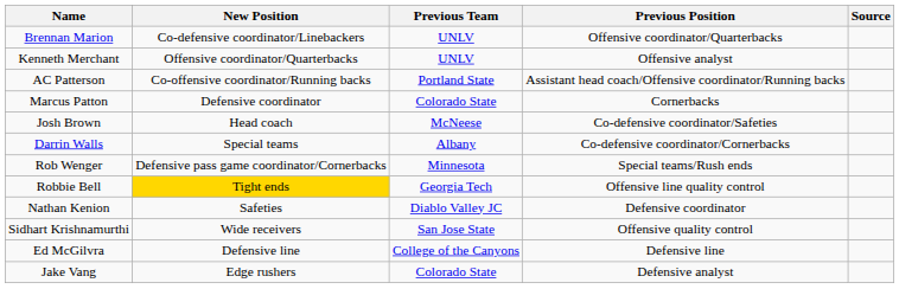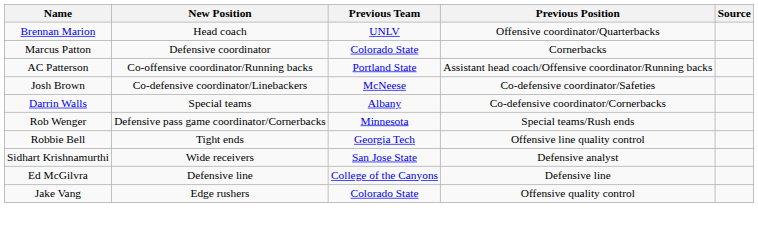 <table class="wikitable">
 <tr>
 <th style="text-align:center; ">Name</th>
 <th style="text-align:center; ">New Position</th>
 <th style="text-align:center; ">Previous Team</th>
 <th style="text-align:center; ">Previous Position</th>
 <th style="text-align:center; ">Source</th>
 </tr>
 <tr align="center">
 <td><a href='#'>Brennan Marion</a></td>
-<td>Co-defensive coordinator/Linebackers</td>
+<td>Head coach</td>
 <td><a href='#'>UNLV</a></td>
 <td>Offensive coordinator/Quarterbacks</td>
 <td></td>
 </tr>
 <tr align="center">
-<td>Kenneth Merchant</td>
-<td>Offensive coordinator/Quarterbacks</td>
-<td><a href='#'>UNLV</a></td>
-<td>Offensive analyst</td>
+<td>Marcus Patton</td>
+<td>Defensive coordinator</td>
+<td><a href='#'>Colorado State</a></td>
+<td>Cornerbacks</td>
 <td></td>
 </tr>
 <tr align="center">
 <td>AC Patterson</td>
 <td>Co-offensive coordinator/Running backs</td>
 <td><a href='#'>Portland State</a></td>
 <td>Assistant head coach/Offensive coordinator/Running backs</td>
 <td></td>
 </tr>
 <tr align="center">
-<td>Marcus Patton</td>
-<td>Defensive coordinator</td>
-<td><a href='#'>Colorado State</a></td>
-<td>Cornerbacks</td>
-<td></td>
-</tr>
-<tr align="center">
 <td>Josh Brown</td>
-<td>Head coach</td>
+<td>Co-defensive coordinator/Linebackers</td>
 <td><a href='#'>McNeese</a></td>
 <td>Co-defensive coordinator/Safeties</td>
 <td></td>
 </tr>
 <tr align="center">
 <td><a href='#'>Darrin Walls</a></td>
 <td>Special teams</td>
 <td><a href='#'>Albany</a></td>
 <td>Co-defensive coordinator/Cornerbacks</td>
 <td></td>
 </tr>
 <tr align="center">
 <td>Rob Wenger</td>
 <td>Defensive pass game coordinator/Cornerbacks</td>
 <td><a href='#'>Minnesota</a></td>
 <td>Special teams/Rush ends</td>
 <td></td>
 </tr>
 <tr align="center">
 <td>Robbie Bell</td>
-<td style="background: gold;">Tight ends</td>
+<td>Tight ends</td>
 <td><a href='#'>Georgia Tech</a></td>
 <td>Offensive line quality control</td>
-<td></td>
-</tr>
-<tr align="center">
-<td>Nathan Kenion</td>
-<td>Safeties</td>
-<td><a href='#'>Diablo Valley JC</a></td>
-<td>Defensive coordinator</td>
 <td></td>
 </tr>
 <tr align="center">
 <td>Sidhart Krishnamurthi</td>
 <td>Wide receivers</td>
 <td><a href='#'>San Jose State</a></td>
-<td>Offensive quality control</td>
+<td>Defensive analyst</td>
 <td></td>
 </tr>
 <tr align="center">
 <td>Ed McGilvra</td>
 <td>Defensive line</td>
 <td><a href='#'>College of the Canyons</a></td>
 <td>Defensive line</td>
 <td></td>
 </tr>
 <tr align="center">
 <td>Jake Vang</td>
 <td>Edge rushers</td>
 <td><a href='#'>Colorado State</a></td>
-<td>Defensive analyst</td>
+<td>Offensive quality control</td>
 <td></td>
 </tr>
 </table>
